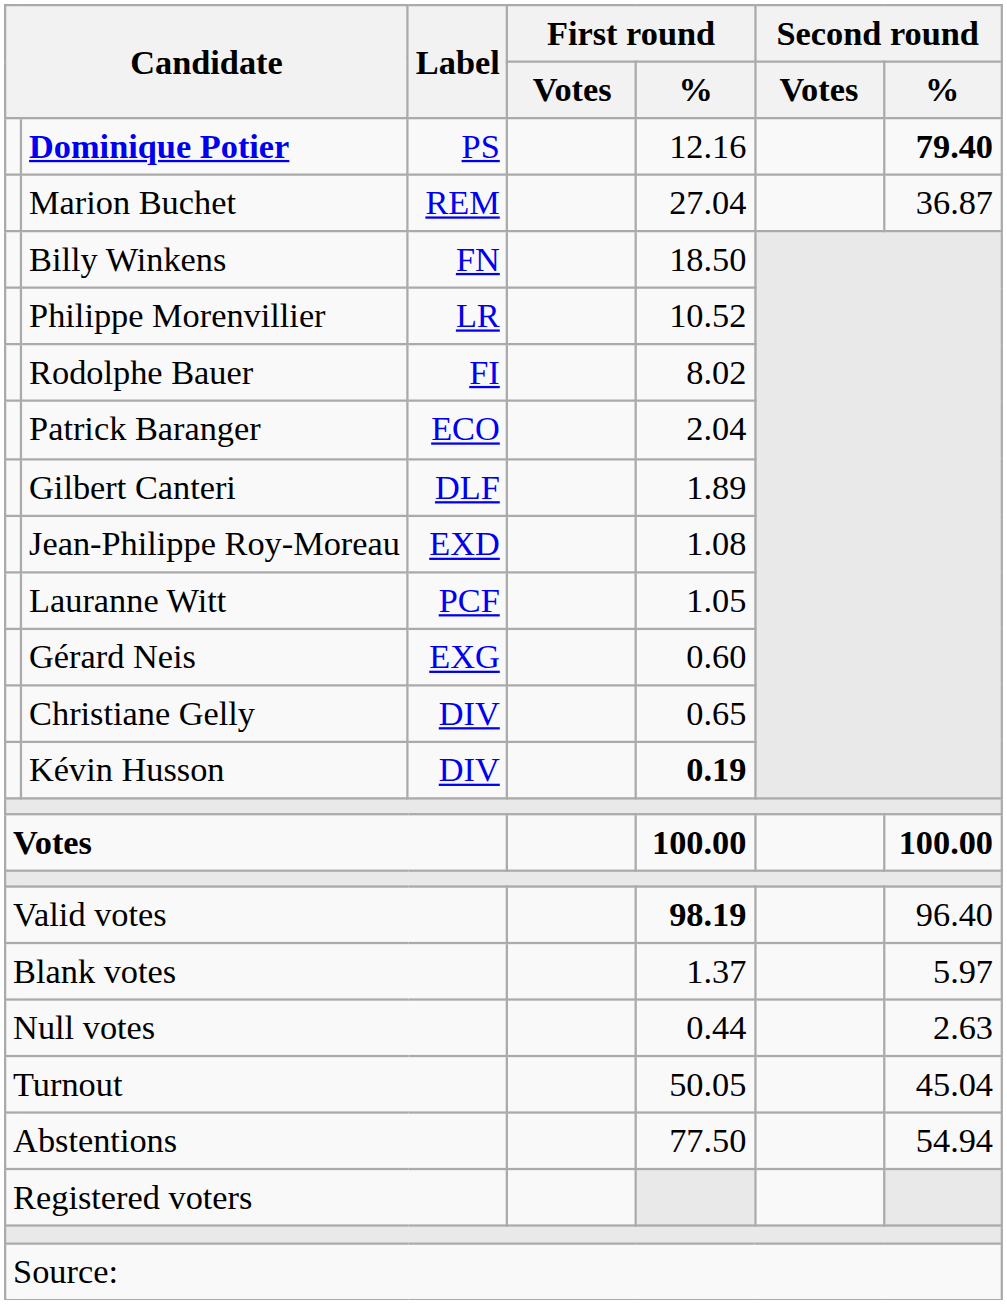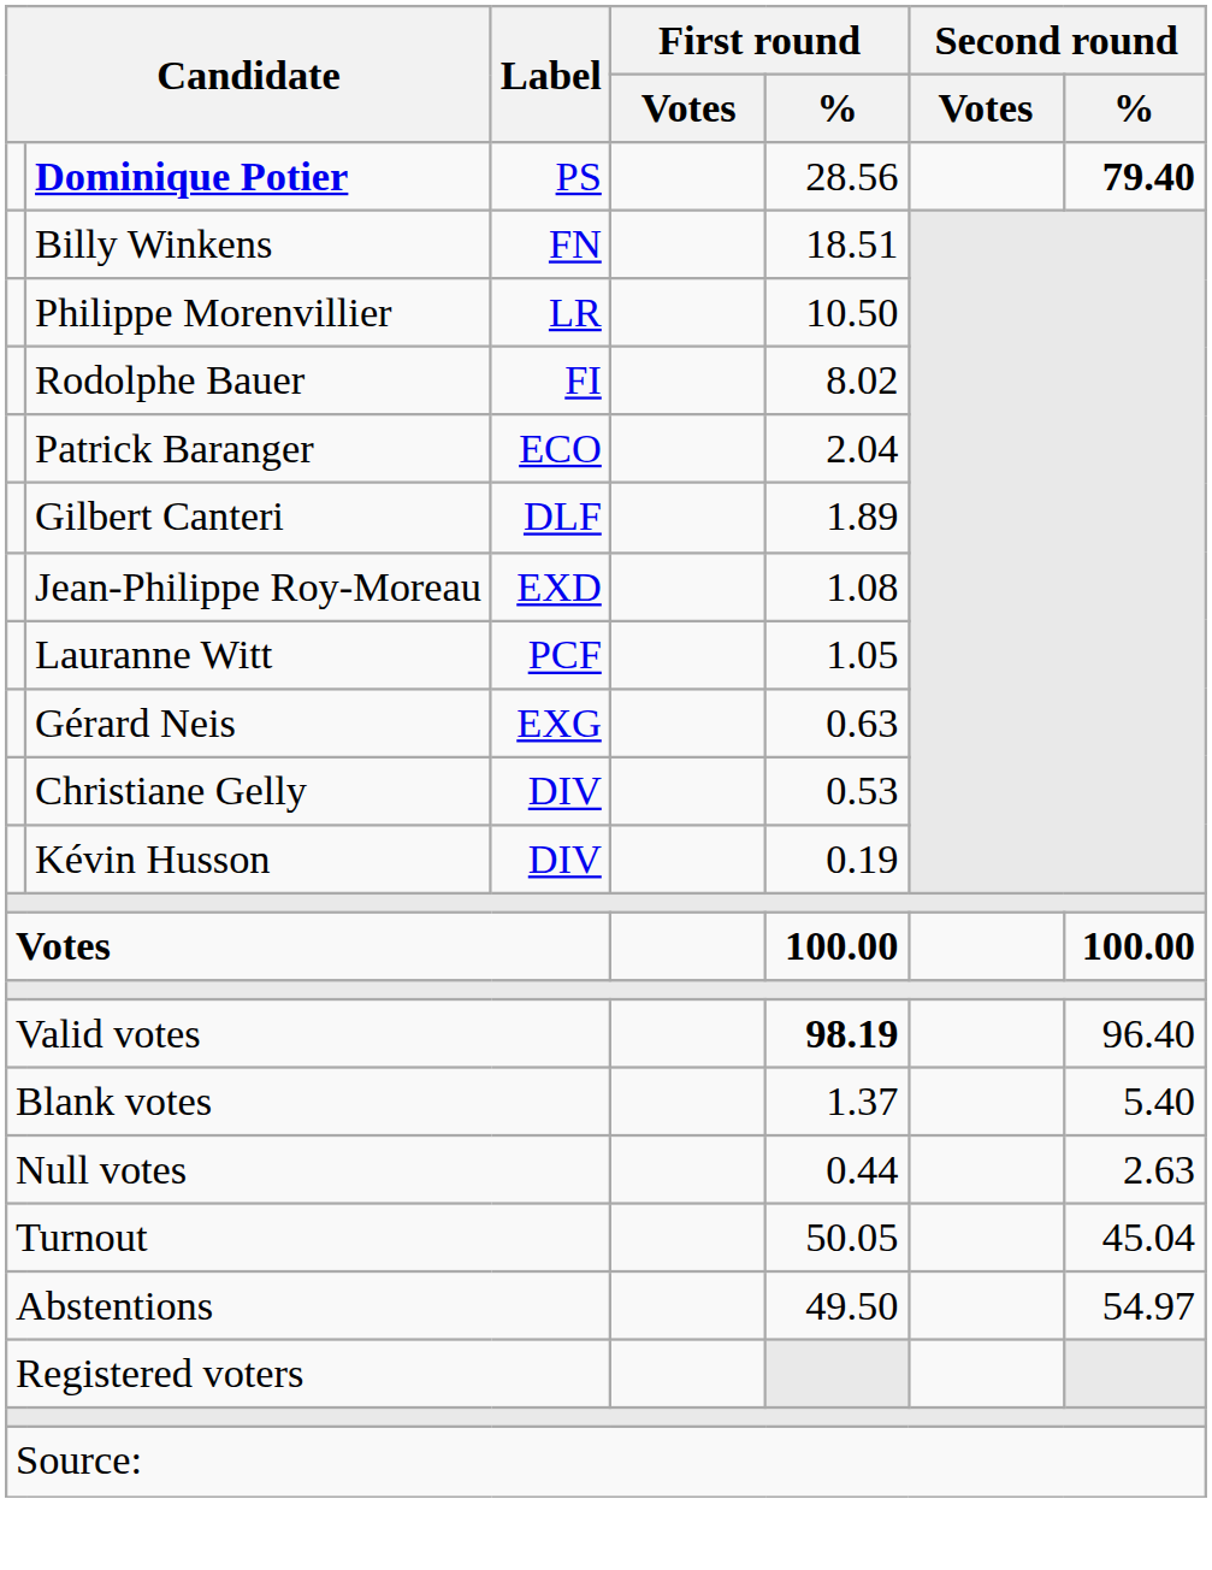 <table class="wikitable" style="text-align:right;font-size:95%;">
 <tr>
 <th rowspan="2" colspan="2">Candidate</th>
 <th rowspan="2">Label</th>
 <th colspan="2">First round</th>
 <th colspan="2">Second round</th>
 </tr>
 <tr>
 <th style="width:50px;">Votes</th>
 <th style="width:45px;">%</th>
 <th style="width:50px;">Votes</th>
 <th style="width:45px;">%</th>
 </tr>
 <tr>
 <td style="color:inherit;background:"></td>
 <td style="text-align:left;"><strong><a href='#'>Dominique Potier</a></strong></td>
 <td><a href='#'>PS</a></td>
 <td></td>
-<td>12.16</td>
+<td>28.56</td>
 <td><strong></strong></td>
 <td><strong>79.40</strong></td>
-</tr>
-<tr>
-<td style="color:inherit;background:"></td>
-<td style="text-align:left;">Marion Buchet</td>
-<td><a href='#'>REM</a></td>
-<td></td>
-<td>27.04</td>
-<td></td>
-<td>36.87</td>
 </tr>
 <tr>
 <td style="color:inherit;background:"></td>
 <td style="text-align:left;">Billy Winkens</td>
 <td><a href='#'>FN</a></td>
 <td></td>
-<td>18.50</td>
+<td>18.51</td>
 <td colspan="2" rowspan="10" style="background:#E9E9E9;"></td>
 </tr>
 <tr>
 <td style="color:inherit;background:"></td>
 <td style="text-align:left;">Philippe Morenvillier</td>
 <td><a href='#'>LR</a></td>
 <td></td>
-<td>10.52</td>
+<td>10.50</td>
 </tr>
 <tr>
 <td style="color:inherit;background:"></td>
 <td style="text-align:left;">Rodolphe Bauer</td>
 <td><a href='#'>FI</a></td>
 <td></td>
 <td>8.02</td>
 </tr>
 <tr>
 <td style="color:inherit;background:"></td>
 <td style="text-align:left;">Patrick Baranger</td>
 <td><a href='#'>ECO</a></td>
 <td></td>
 <td>2.04</td>
 </tr>
 <tr>
 <td style="color:inherit;background:"></td>
 <td style="text-align:left;">Gilbert Canteri</td>
 <td><a href='#'>DLF</a></td>
 <td></td>
 <td>1.89</td>
 </tr>
 <tr>
 <td style="color:inherit;background:"></td>
 <td style="text-align:left;">Jean-Philippe Roy-Moreau</td>
 <td><a href='#'>EXD</a></td>
 <td></td>
 <td>1.08</td>
 </tr>
 <tr>
 <td style="color:inherit;background:"></td>
 <td style="text-align:left;">Lauranne Witt</td>
 <td><a href='#'>PCF</a></td>
 <td></td>
 <td>1.05</td>
 </tr>
 <tr>
 <td style="color:inherit;background:"></td>
 <td style="text-align:left;">Gérard Neis</td>
 <td><a href='#'>EXG</a></td>
 <td></td>
-<td>0.60</td>
+<td>0.63</td>
 </tr>
 <tr>
 <td style="color:inherit;background:"></td>
 <td style="text-align:left;">Christiane Gelly</td>
 <td><a href='#'>DIV</a></td>
 <td></td>
-<td>0.65</td>
+<td>0.53</td>
 </tr>
 <tr>
 <td style="color:inherit;background:"></td>
 <td style="text-align:left;">Kévin Husson</td>
 <td><a href='#'>DIV</a></td>
 <td></td>
-<td><strong>0.19</strong></td>
+<td>0.19</td>
 </tr>
 <tr>
 <td colspan="7" style="background:#E9E9E9;"></td>
 </tr>
 <tr style="font-weight:bold;">
 <td colspan="3" style="text-align:left;">Votes</td>
 <td></td>
 <td>100.00</td>
 <td></td>
 <td>100.00</td>
 </tr>
 <tr>
 <td colspan="7" style="background:#E9E9E9;"></td>
 </tr>
 <tr>
 <td colspan="3" style="text-align:left;">Valid votes</td>
 <td></td>
 <td><strong>98.19</strong></td>
 <td></td>
 <td>96.40</td>
 </tr>
 <tr>
 <td colspan="3" style="text-align:left;">Blank votes</td>
 <td></td>
 <td>1.37</td>
 <td></td>
-<td>5.97</td>
+<td>5.40</td>
 </tr>
 <tr>
 <td colspan="3" style="text-align:left;">Null votes</td>
 <td></td>
 <td>0.44</td>
 <td></td>
 <td>2.63</td>
 </tr>
 <tr>
 <td colspan="3" style="text-align:left;">Turnout</td>
 <td></td>
 <td>50.05</td>
 <td></td>
 <td>45.04</td>
 </tr>
 <tr>
 <td colspan="3" style="text-align:left;">Abstentions</td>
 <td></td>
-<td>77.50</td>
+<td>49.50</td>
 <td></td>
-<td>54.94</td>
+<td>54.97</td>
 </tr>
 <tr>
 <td colspan="3" style="text-align:left;">Registered voters</td>
 <td></td>
 <td style="background:#E9E9E9;"></td>
 <td></td>
 <td style="background:#E9E9E9;"></td>
 </tr>
 <tr>
 <td colspan="7" style="background:#E9E9E9;"></td>
 </tr>
 <tr>
 <td colspan="7" style="text-align:left;">Source: </td>
 </tr>
 </table>
